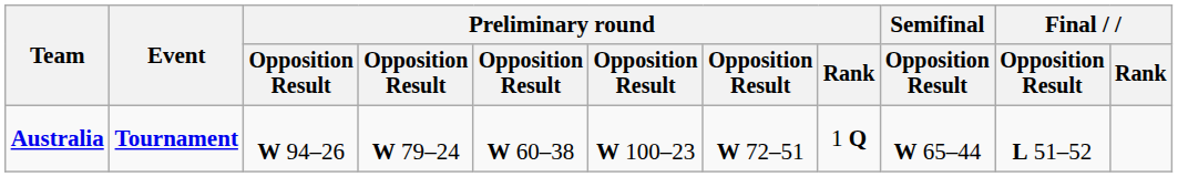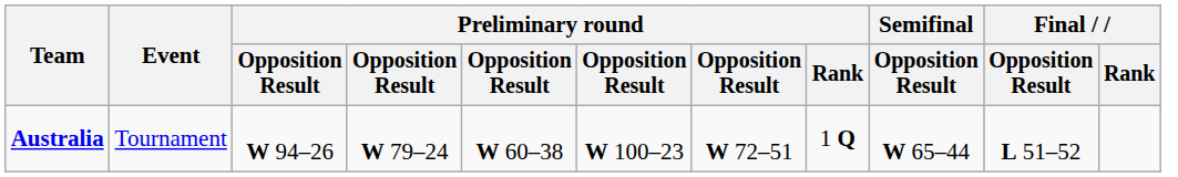 <table class=wikitable style=font-size:90%;text-align:center>
 <tr>
 <th rowspan=2>Team</th>
 <th rowspan=2>Event</th>
 <th colspan=6>Preliminary round</th>
 <th>Semifinal</th>
 <th colspan=2>Final /  / </th>
 </tr>
 <tr style=font-size:95%>
 <th>Opposition<br>Result</th>
 <th>Opposition<br>Result</th>
 <th>Opposition<br>Result</th>
 <th>Opposition<br>Result</th>
 <th>Opposition<br>Result</th>
 <th>Rank</th>
 <th>Opposition<br>Result</th>
 <th>Opposition<br>Result</th>
 <th>Rank</th>
 </tr>
 <tr>
 <td align=left><strong><a href='#'>Australia</a></strong></td>
-<td align=left><strong><a href='#'>Tournament</a></strong></td>
+<td align=left><a href='#'>Tournament</a></td>
 <td><br><strong>W</strong> 94–26</td>
 <td><br><strong>W</strong> 79–24</td>
 <td><br><strong>W</strong> 60–38</td>
 <td><br><strong>W</strong> 100–23</td>
 <td><br><strong>W</strong> 72–51</td>
 <td>1 <strong>Q</strong></td>
 <td><br><strong>W</strong> 65–44</td>
 <td><br><strong>L</strong> 51–52</td>
 <td></td>
 </tr>
 </table>
